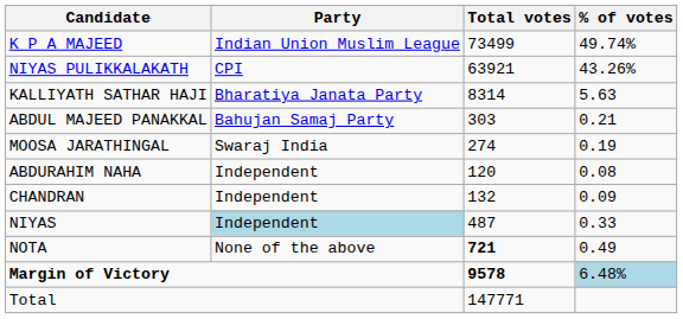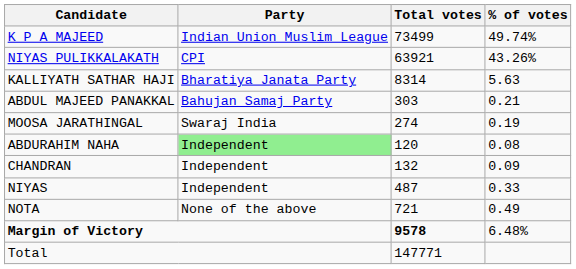 <table class="wikitable">
 <tr>
 <th>Candidate</th>
 <th>Party</th>
 <th>Total votes</th>
 <th>% of votes</th>
 </tr>
 <tr>
 <td><a href='#'>K P A MAJEED</a></td>
 <td><a href='#'>Indian Union Muslim League</a></td>
 <td>73499</td>
 <td>49.74%</td>
 </tr>
 <tr>
 <td><a href='#'>NIYAS PULIKKALAKATH</a></td>
 <td><a href='#'>CPI</a></td>
 <td>63921</td>
 <td>43.26%</td>
 </tr>
 <tr>
 <td>KALLIYATH SATHAR HAJI</td>
 <td><a href='#'>Bharatiya Janata Party</a></td>
 <td>8314</td>
 <td>5.63</td>
 </tr>
 <tr>
 <td>ABDUL MAJEED PANAKKAL</td>
 <td><a href='#'>Bahujan Samaj Party</a></td>
 <td>303</td>
 <td>0.21</td>
 </tr>
 <tr>
 <td>MOOSA JARATHINGAL</td>
 <td>Swaraj India</td>
 <td>274</td>
 <td>0.19</td>
 </tr>
 <tr>
 <td>ABDURAHIM NAHA</td>
-<td>Independent</td>
+<td style="background: lightgreen;">Independent</td>
 <td>120</td>
 <td>0.08</td>
 </tr>
 <tr>
 <td>CHANDRAN</td>
 <td>Independent</td>
 <td>132</td>
 <td>0.09</td>
 </tr>
 <tr>
 <td>NIYAS</td>
-<td style="background: lightblue;">Independent</td>
+<td>Independent</td>
 <td>487</td>
 <td>0.33</td>
 </tr>
 <tr>
 <td>NOTA</td>
 <td>None of the above</td>
-<td><strong>721</strong></td>
+<td>721</td>
 <td>0.49</td>
 </tr>
 <tr>
 <td colspan="2"><strong>Margin of Victory</strong></td>
 <td><strong>9578</strong></td>
-<td style="background: lightblue;">6.48%</td>
+<td>6.48%</td>
 </tr>
 <tr>
 <td colspan="2">Total</td>
 <td>147771</td>
 <td></td>
 </tr>
 </table>
